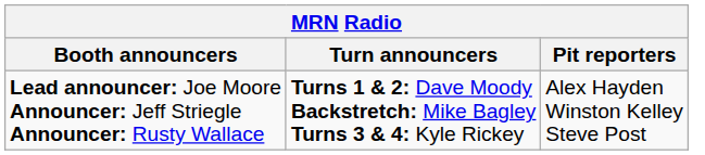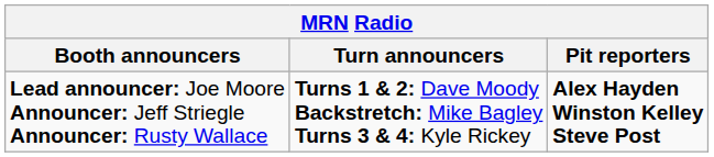 <table class="wikitable" style="font-size: 95%;">
 <tr>
 <th colspan="3"><a href='#'>MRN</a> <a href='#'>Radio</a></th>
 </tr>
 <tr>
 <th>Booth announcers</th>
 <th>Turn announcers</th>
 <th>Pit reporters</th>
 </tr>
 <tr>
 <td><strong>Lead announcer:</strong> Joe Moore<br><strong>Announcer:</strong> Jeff Striegle<br><strong>Announcer:</strong> <a href='#'>Rusty Wallace</a></td>
 <td><strong>Turns 1 & 2:</strong> <a href='#'>Dave Moody</a><br><strong>Backstretch:</strong> <a href='#'>Mike Bagley</a><br><strong>Turns 3 & 4:</strong> Kyle Rickey</td>
-<td>Alex Hayden<br>Winston Kelley<br>Steve Post</td>
+<td><strong>Alex Hayden<br>Winston Kelley<br>Steve Post</strong></td>
 </tr>
 </table>
